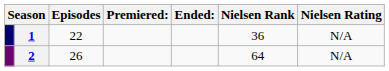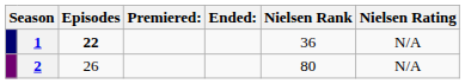 <table class="wikitable" style="text-align:center">
 <tr>
 <th colspan=2>Season</th>
 <th>Episodes</th>
 <th>Premiered:</th>
 <th>Ended:</th>
 <th>Nielsen Rank</th>
 <th>Nielsen Rating</th>
 </tr>
 <tr>
 <td style="width:5px; background:#000070"></td>
 <th><a href='#'>1</a></th>
-<td>22</td>
+<td><strong>22</strong></td>
 <td></td>
 <td></td>
 <td style="text-align:center:">36</td>
 <td>N/A</td>
 </tr>
 <tr>
 <td bgcolor="700070"></td>
 <th><a href='#'>2</a></th>
 <td>26</td>
 <td></td>
 <td></td>
-<td style="text-align:center:">64</td>
+<td style="text-align:center:">80</td>
 <td>N/A</td>
 </tr>
 </table>
